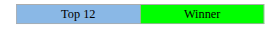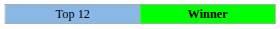 <table class="wikitable" style="margin:1em auto; text-align:center;">
 <tr>
 </tr>
 <tr>
 <td style="background:#8ab8e6; width:17%;">Top 12</td>
-<td style="background:lime; width:17%;">Winner</td>
+<td style="background:lime; width:17%;"><strong>Winner</strong></td>
 </tr>
 </table>
